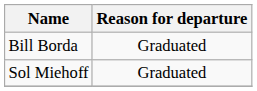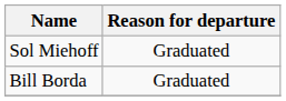 <table class="wikitable sortable"  style="text-align:center; font-size:90%; ">
 <tr>
 <th>Name</th>
 <th class="unsortable">Reason for departure</th>
 </tr>
 <tr>
-<td align="left">Bill Borda</td>
+<td align="left">Sol Miehoff</td>
 <td>Graduated</td>
 </tr>
 <tr>
-<td align="left">Sol Miehoff</td>
+<td align="left">Bill Borda</td>
 <td>Graduated</td>
 </tr>
 <tr>
 </tr>
 </table>
